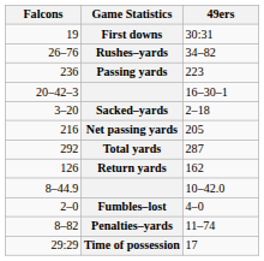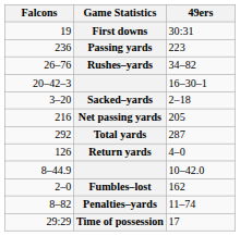 <table class="wikitable" style="margin: 1em auto 1em auto">
 <tr>
 <th style="width:30%;">Falcons</th>
 <th style="width:40%;">Game Statistics</th>
 <th style="width:30%;">49ers</th>
 </tr>
 <tr>
 <td style="text-align:right;">19</td>
 <th>First downs</th>
 <td>30:31</td>
 </tr>
 <tr>
+<td style="text-align:right;">236</td>
+<th>Passing yards</th>
+<td>223</td>
+</tr>
+<tr>
 <td style="text-align:right;">26–76</td>
 <th>Rushes–yards</th>
 <td>34–82</td>
-</tr>
-<tr>
-<td style="text-align:right;">236</td>
-<th>Passing yards</th>
-<td>223</td>
 </tr>
 <tr>
 <td style="text-align:right;">20–42–3</td>
 <th></th>
 <td>16–30–1</td>
 </tr>
 <tr>
 <td style="text-align:right;">3–20</td>
 <th>Sacked–yards</th>
 <td>2–18</td>
 </tr>
 <tr>
 <td style="text-align:right;">216</td>
 <th>Net passing yards</th>
 <td>205</td>
 </tr>
 <tr>
 <td style="text-align:right;">292</td>
 <th>Total yards</th>
 <td>287</td>
 </tr>
 <tr>
 <td style="text-align:right;">126</td>
 <th>Return yards</th>
-<td>162</td>
+<td>4–0</td>
 </tr>
 <tr>
 <td style="text-align:right;">8–44.9</td>
 <th></th>
 <td>10–42.0</td>
 </tr>
 <tr>
 <td style="text-align:right;">2–0</td>
 <th>Fumbles–lost</th>
-<td>4–0</td>
+<td>162</td>
 </tr>
 <tr>
 <td style="text-align:right;">8–82</td>
 <th>Penalties–yards</th>
 <td>11–74</td>
 </tr>
 <tr>
 <td style="text-align:right;">29:29</td>
 <th>Time of possession</th>
 <td>17</td>
 </tr>
 </table>
